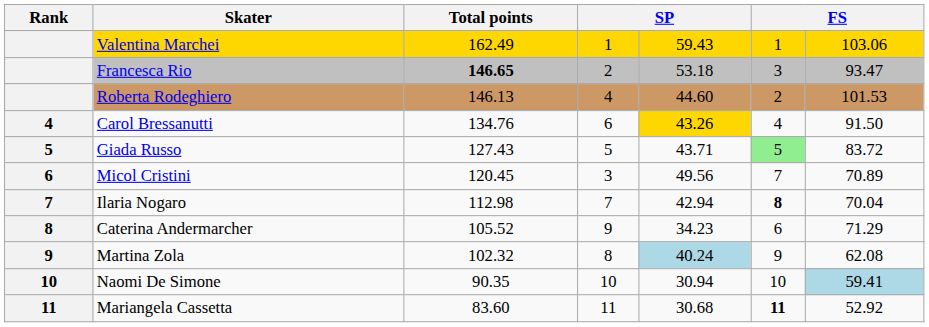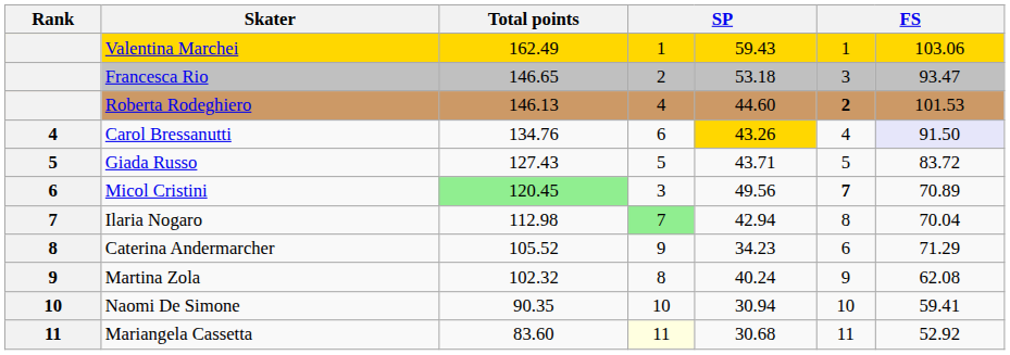 <table class="wikitable sortable" style="text-align:left;" width="70%">
 <tr>
 <th scope="col">Rank</th>
 <th scope="col">Skater</th>
 <th scope="col">Total points</th>
 <th scope="col" colspan="2" width="80px"><a href='#'>SP</a></th>
 <th scope="col" colspan="2" width="80px"><a href='#'>FS</a></th>
 </tr>
 <tr bgcolor="gold">
 <th scope="row"></th>
 <td><a href='#'>Valentina Marchei</a></td>
 <td style="text-align: center;">162.49</td>
 <td style="text-align: center;">1</td>
 <td style="text-align: center;">59.43</td>
 <td style="text-align: center;">1</td>
 <td style="text-align: center;">103.06</td>
 </tr>
 <tr bgcolor="silver">
 <th scope="row"></th>
 <td><a href='#'>Francesca Rio</a></td>
-<td style="text-align: center;"><strong>146.65</strong></td>
+<td style="text-align: center;">146.65</td>
 <td style="text-align: center;">2</td>
 <td style="text-align: center;">53.18</td>
 <td style="text-align: center;">3</td>
 <td style="text-align: center;">93.47</td>
 </tr>
 <tr bgcolor="cc9966">
 <th scope="row"></th>
 <td><a href='#'>Roberta Rodeghiero</a></td>
 <td style="text-align: center;">146.13</td>
 <td style="text-align: center;">4</td>
 <td style="text-align: center;">44.60</td>
-<td style="text-align: center;">2</td>
+<td style="text-align: center;"><strong>2</strong></td>
 <td style="text-align: center;">101.53</td>
 </tr>
 <tr>
 <th scope="row">4</th>
 <td><a href='#'>Carol Bressanutti</a></td>
 <td style="text-align: center;">134.76</td>
 <td style="text-align: center;">6</td>
 <td style="background: gold; text-align: center;">43.26</td>
 <td style="text-align: center;">4</td>
-<td style="text-align: center;">91.50</td>
+<td style="background: lavender; text-align: center;">91.50</td>
 </tr>
 <tr>
 <th scope="row">5</th>
 <td><a href='#'>Giada Russo</a></td>
 <td style="text-align: center;">127.43</td>
 <td style="text-align: center;">5</td>
 <td style="text-align: center;">43.71</td>
-<td style="background: lightgreen; text-align: center;">5</td>
+<td style="text-align: center;">5</td>
 <td style="text-align: center;">83.72</td>
 </tr>
 <tr>
 <th scope="row">6</th>
 <td><a href='#'>Micol Cristini</a></td>
-<td style="text-align: center;">120.45</td>
+<td style="background: lightgreen; text-align: center;">120.45</td>
 <td style="text-align: center;">3</td>
 <td style="text-align: center;">49.56</td>
-<td style="text-align: center;">7</td>
+<td style="text-align: center;"><strong>7</strong></td>
 <td style="text-align: center;">70.89</td>
 </tr>
 <tr>
 <th scope="row">7</th>
 <td>Ilaria Nogaro</td>
 <td style="text-align: center;">112.98</td>
-<td style="text-align: center;">7</td>
+<td style="background: lightgreen; text-align: center;">7</td>
 <td style="text-align: center;">42.94</td>
-<td style="text-align: center;"><strong>8</strong></td>
+<td style="text-align: center;">8</td>
 <td style="text-align: center;">70.04</td>
 </tr>
 <tr>
 <th scope="row">8</th>
 <td>Caterina Andermarcher</td>
 <td style="text-align: center;">105.52</td>
 <td style="text-align: center;">9</td>
 <td style="text-align: center;">34.23</td>
 <td style="text-align: center;">6</td>
 <td style="text-align: center;">71.29</td>
 </tr>
 <tr>
 <th scope="row">9</th>
 <td>Martina Zola</td>
 <td style="text-align: center;">102.32</td>
 <td style="text-align: center;">8</td>
-<td style="background: lightblue; text-align: center;">40.24</td>
+<td style="text-align: center;">40.24</td>
 <td style="text-align: center;">9</td>
 <td style="text-align: center;">62.08</td>
 </tr>
 <tr>
 <th scope="row">10</th>
 <td>Naomi De Simone</td>
 <td style="text-align: center;">90.35</td>
 <td style="text-align: center;">10</td>
 <td style="text-align: center;">30.94</td>
 <td style="text-align: center;">10</td>
-<td style="background: lightblue; text-align: center;">59.41</td>
+<td style="text-align: center;">59.41</td>
 </tr>
 <tr>
 <th scope="row">11</th>
 <td>Mariangela Cassetta</td>
 <td style="text-align: center;">83.60</td>
+<td style="background: lightyellow; text-align: center;">11</td>
+<td style="text-align: center;">30.68</td>
 <td style="text-align: center;">11</td>
-<td style="text-align: center;">30.68</td>
-<td style="text-align: center;"><strong>11</strong></td>
 <td style="text-align: center;">52.92</td>
 </tr>
 </table>
